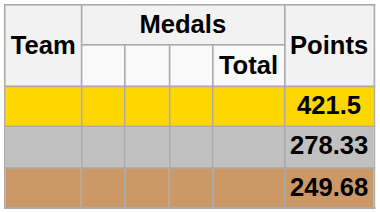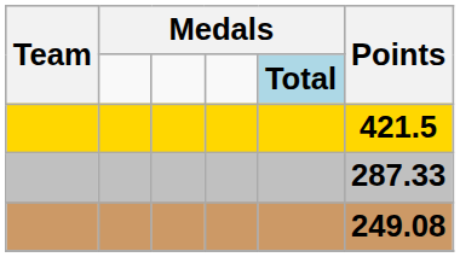 <table class="wikitable" style="text-align:center;">
 <tr>
 <th rowspan=2>Team</th>
 <th colspan=4>Medals</th>
 <th rowspan=2>Points</th>
 </tr>
 <tr>
 <td width=20px></td>
 <td width=20px></td>
 <td width=20px></td>
-<td><strong>Total</strong></td>
+<td style="background: lightblue;"><strong>Total</strong></td>
 </tr>
 <tr bgcolor=gold>
 <td align=left></td>
 <td></td>
 <td></td>
 <td></td>
 <td></td>
 <td><strong>421.5</strong></td>
 </tr>
 <tr bgcolor=silver>
 <td align=left></td>
 <td></td>
 <td></td>
 <td></td>
 <td></td>
-<td><strong>278.33</strong></td>
+<td><strong>287.33</strong></td>
 </tr>
 <tr bgcolor="CC9966">
 <td align=left></td>
 <td></td>
 <td></td>
 <td></td>
 <td></td>
-<td><strong>249.68</strong></td>
+<td><strong>249.08</strong></td>
 </tr>
 <tr>
 </tr>
 <tr>
 </tr>
 </table>
